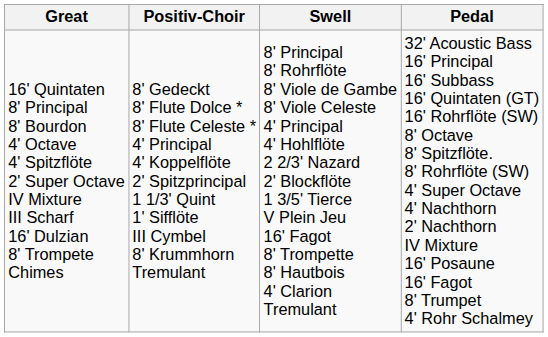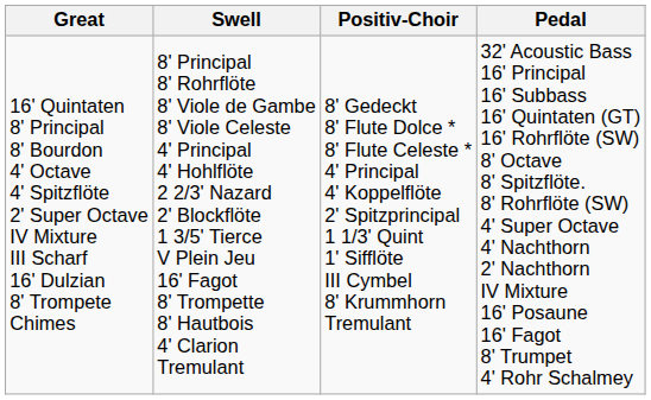 <table class="wikitable">
 <tr>
 <th>Great</th>
+<th>Swell</th>
 <th>Positiv-Choir</th>
-<th>Swell</th>
 <th>Pedal</th>
 </tr>
 <tr>
 <td>16' Quintaten<br>8' Principal<br>8' Bourdon<br>4' Octave<br>4' Spitzflöte<br>2' Super Octave<br>IV Mixture<br>III Scharf<br>16' Dulzian<br>8' Trompete<br>Chimes</td>
+<td>8' Principal<br>8' Rohrflöte<br>8' Viole de Gambe<br>8' Viole Celeste<br>4' Principal<br>4' Hohlflöte<br>2 2/3' Nazard<br>2' Blockflöte<br>1 3/5' Tierce<br>V Plein Jeu<br>16' Fagot<br>8' Trompette<br>8' Hautbois<br>4' Clarion<br>Tremulant</td>
 <td>8' Gedeckt<br>8' Flute Dolce *<br>8' Flute Celeste *<br>4' Principal<br>4' Koppelflöte<br>2' Spitzprincipal<br>1 1/3' Quint<br>1' Sifflöte<br>III Cymbel<br>8' Krummhorn<br>Tremulant</td>
-<td>8' Principal<br>8' Rohrflöte<br>8' Viole de Gambe<br>8' Viole Celeste<br>4' Principal<br>4' Hohlflöte<br>2 2/3' Nazard<br>2' Blockflöte<br>1 3/5' Tierce<br>V Plein Jeu<br>16' Fagot<br>8' Trompette<br>8' Hautbois<br>4' Clarion<br>Tremulant</td>
 <td>32' Acoustic Bass<br>16' Principal<br>16' Subbass<br>16' Quintaten (GT)<br>16' Rohrflöte (SW)<br>8' Octave<br>8' Spitzflöte.<br>8' Rohrflöte (SW)<br>4' Super Octave<br>4' Nachthorn<br>2' Nachthorn<br>IV Mixture<br>16' Posaune<br>16' Fagot<br>8' Trumpet<br>4' Rohr Schalmey</td>
 </tr>
 </table>
